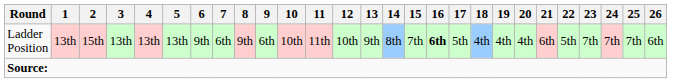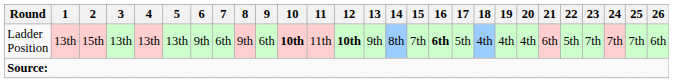 <table class="wikitable">
 <tr>
 <th>Round</th>
 <th>1</th>
 <th>2</th>
 <th>3</th>
 <th>4</th>
 <th>5</th>
 <th>6</th>
 <th>7</th>
 <th>8</th>
 <th>9</th>
 <th>10</th>
 <th>11</th>
 <th>12</th>
 <th>13</th>
 <th>14</th>
 <th>15</th>
 <th>16</th>
 <th>17</th>
 <th>18</th>
 <th>19</th>
 <th>20</th>
 <th>21</th>
 <th>22</th>
 <th>23</th>
 <th>24</th>
 <th>25</th>
 <th>26</th>
 </tr>
 <tr>
 <td>Ladder Position</td>
 <td style="text-align:center; background:#FFCFCF">13th</td>
 <td style="text-align:center; background:#FFCFCF">15th</td>
 <td style="text-align:center; background:#cfc;">13th</td>
 <td style="text-align:center; background:#FFCFCF">13th</td>
 <td style="text-align:center; background:#cfc;">13th</td>
 <td style="text-align:center; background:#cfc;">9th</td>
 <td style="text-align:center; background:#cfc;">6th</td>
 <td style="text-align:center; background:#FFCFCF">9th</td>
 <td style="text-align:center; background:#cfc;">6th</td>
-<td style="text-align:center; background:#FFCFCF">10th</td>
+<td style="text-align:center; background:#FFCFCF"><strong>10th</strong></td>
 <td style="text-align:center; background:#FFCFCF">11th</td>
-<td style="text-align:center; background:#cfc;;">10th</td>
+<td style="text-align:center; background:#cfc;;"><strong>10th</strong></td>
 <td style="text-align:center; background:#cfc;">9th</td>
 <td style="text-align:center; background:#99ccff;">8th</td>
 <td style="text-align:center; background:#cfc;">7th</td>
 <td style="text-align:center; background:#cfc;"><strong>6th</strong></td>
 <td style="text-align:center; background:#cfc;">5th</td>
 <td style="text-align:center; background:#99ccff;">4th</td>
 <td style="text-align:center; background:#cfc;">4th</td>
 <td style="text-align:center; background:#cfc;">4th</td>
 <td style="text-align:center; background:#FFCFCF">6th</td>
 <td style="text-align:center; background:#cfc;">5th</td>
 <td style="text-align:center; background:#cfc;">7th</td>
 <td style="text-align:center; background:#FFCFCF">7th</td>
 <td style="text-align:center; background:#cfc;">7th</td>
 <td style="text-align:center; background:#cfc;">6th</td>
 </tr>
 <tr>
 <td colspan="27"><strong>Source:</strong> </td>
 </tr>
 </table>
